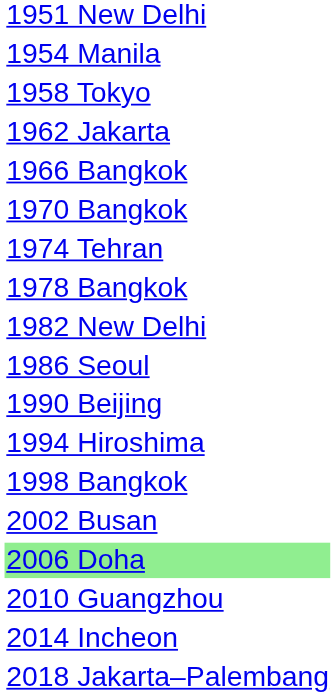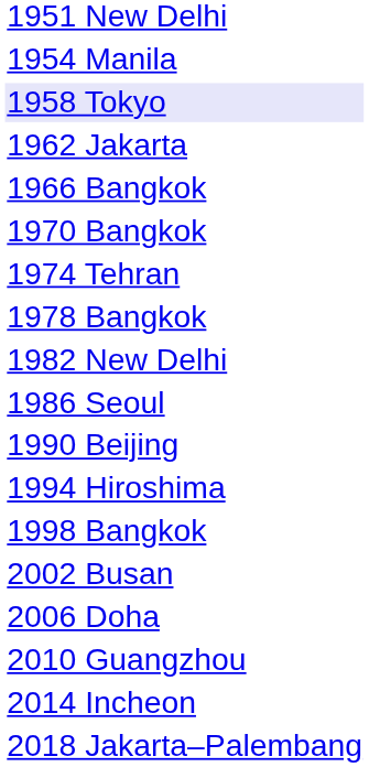 <table>
 <tr>
 <td><a href='#'>1951 New Delhi</a></td>
 <td></td>
 <td></td>
 <td></td>
 </tr>
 <tr>
 <td><a href='#'>1954 Manila</a></td>
 <td></td>
 <td></td>
 <td></td>
 </tr>
 <tr>
-<td><a href='#'>1958 Tokyo</a></td>
+<td style="background: lavender;"><a href='#'>1958 Tokyo</a></td>
 <td></td>
 <td></td>
 <td></td>
 </tr>
 <tr>
 <td><a href='#'>1962 Jakarta</a></td>
 <td></td>
 <td></td>
 <td></td>
 </tr>
 <tr>
 <td><a href='#'>1966 Bangkok</a></td>
 <td></td>
 <td></td>
 <td></td>
 </tr>
 <tr>
 <td><a href='#'>1970 Bangkok</a></td>
 <td></td>
 <td></td>
 <td></td>
 </tr>
 <tr>
 <td><a href='#'>1974 Tehran</a></td>
 <td></td>
 <td></td>
 <td></td>
 </tr>
 <tr>
 <td><a href='#'>1978 Bangkok</a></td>
 <td></td>
 <td></td>
 <td></td>
 </tr>
 <tr>
 <td><a href='#'>1982 New Delhi</a></td>
 <td></td>
 <td></td>
 <td></td>
 </tr>
 <tr>
 <td><a href='#'>1986 Seoul</a></td>
 <td></td>
 <td></td>
 <td></td>
 </tr>
 <tr>
 <td><a href='#'>1990 Beijing</a></td>
 <td></td>
 <td></td>
 <td></td>
 </tr>
 <tr>
 <td><a href='#'>1994 Hiroshima</a></td>
 <td></td>
 <td></td>
 <td></td>
 </tr>
 <tr>
 <td><a href='#'>1998 Bangkok</a></td>
 <td></td>
 <td></td>
 <td></td>
 </tr>
 <tr>
 <td><a href='#'>2002 Busan</a></td>
 <td></td>
 <td></td>
 <td></td>
 </tr>
 <tr>
-<td style="background: lightgreen;"><a href='#'>2006 Doha</a></td>
+<td><a href='#'>2006 Doha</a></td>
 <td></td>
 <td></td>
 <td></td>
 </tr>
 <tr>
 <td><a href='#'>2010 Guangzhou</a></td>
 <td></td>
 <td></td>
 <td></td>
 </tr>
 <tr>
 <td><a href='#'>2014 Incheon</a></td>
 <td></td>
 <td></td>
 <td></td>
 </tr>
 <tr>
 <td><a href='#'>2018 Jakarta–Palembang</a></td>
 <td></td>
 <td></td>
 <td></td>
 </tr>
 </table>
